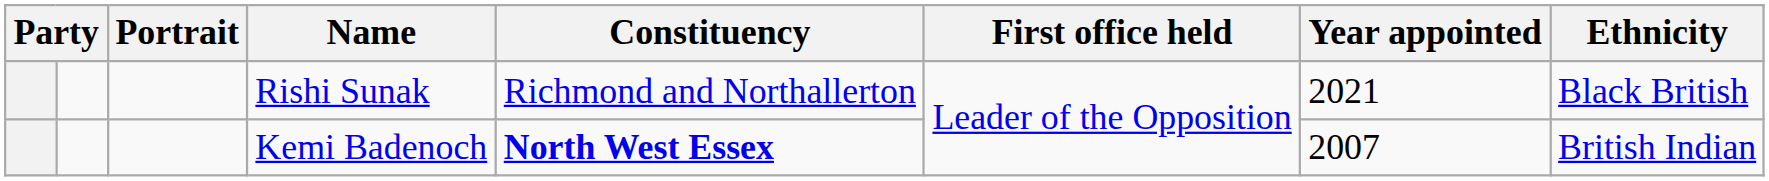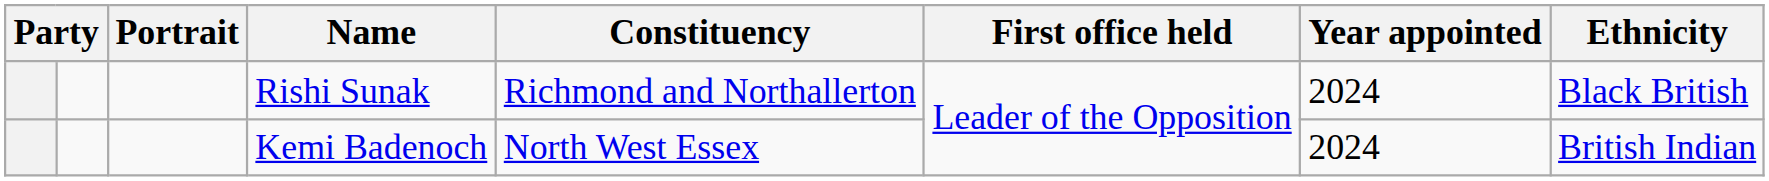 <table class="wikitable sortable">
 <tr>
 <th colspan=2>Party</th>
 <th>Portrait</th>
 <th>Name</th>
 <th>Constituency</th>
 <th>First office held</th>
 <th>Year appointed</th>
 <th>Ethnicity</th>
 </tr>
 <tr>
 <th style="background-color: "></th>
 <td></td>
 <td></td>
 <td><a href='#'>Rishi Sunak</a></td>
 <td><a href='#'>Richmond and Northallerton</a></td>
 <td rowspan=2><a href='#'>Leader of the Opposition</a></td>
-<td>2021</td>
+<td>2024</td>
 <td><a href='#'>Black British</a></td>
 </tr>
 <tr>
 <th style="background-color: "></th>
 <td></td>
 <td></td>
 <td><a href='#'>Kemi Badenoch</a></td>
-<td><strong><a href='#'>North West Essex</a></strong></td>
-<td>2007</td>
+<td><a href='#'>North West Essex</a></td>
+<td>2024</td>
 <td><a href='#'>British Indian</a></td>
 </tr>
 </table>
